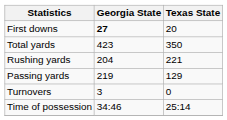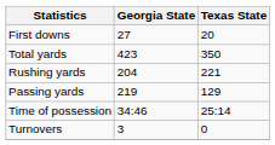 <table class="wikitable" style="float: right;">
 <tr>
 <th>Statistics</th>
 <th>Georgia State</th>
 <th>Texas State</th>
 </tr>
 <tr>
 <td>First downs</td>
-<td><strong>27</strong></td>
+<td>27</td>
 <td>20</td>
 </tr>
 <tr>
 <td>Total yards</td>
 <td>423</td>
 <td>350</td>
 </tr>
 <tr>
 <td>Rushing yards</td>
 <td>204</td>
 <td>221</td>
 </tr>
 <tr>
 <td>Passing yards</td>
 <td>219</td>
 <td>129</td>
 </tr>
 <tr>
+<td>Time of possession</td>
+<td>34:46</td>
+<td>25:14</td>
+</tr>
+<tr>
 <td>Turnovers</td>
 <td>3</td>
 <td>0</td>
 </tr>
 <tr>
-<td>Time of possession</td>
-<td>34:46</td>
-<td>25:14</td>
-</tr>
-<tr>
 </tr>
 </table>
